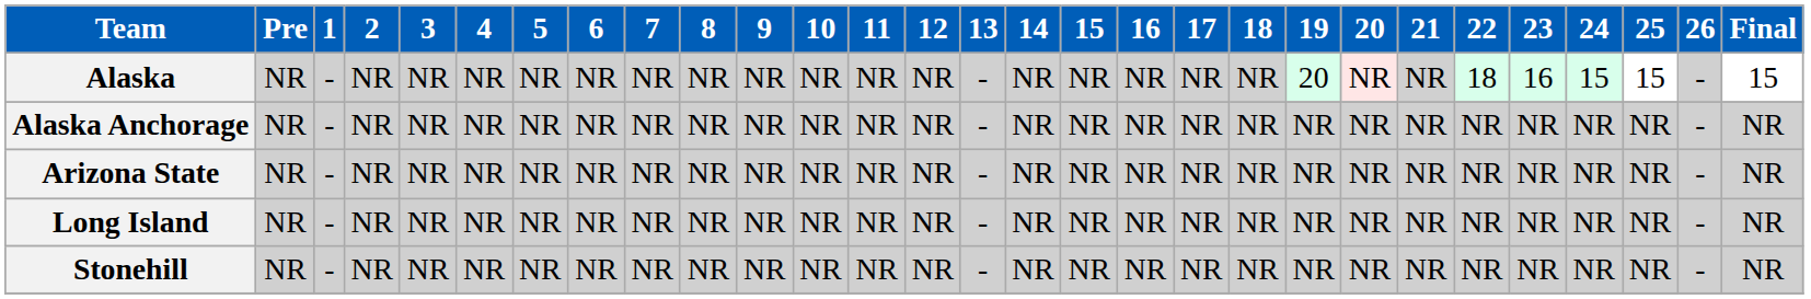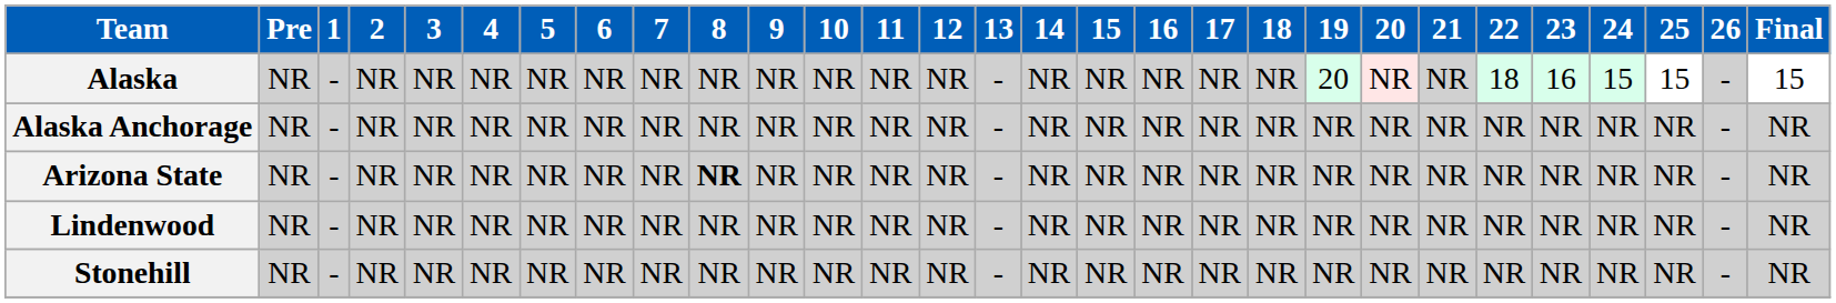 <table class="wikitable sortable" style="text-align: center;">
 <tr>
 <th style="color:white; background:#005EB8">Team</th>
 <th style="color:white; background:#005EB8">Pre</th>
 <th style="color:white; background:#005EB8">1</th>
 <th style="color:white; background:#005EB8">2</th>
 <th style="color:white; background:#005EB8">3</th>
 <th style="color:white; background:#005EB8">4</th>
 <th style="color:white; background:#005EB8">5</th>
 <th style="color:white; background:#005EB8">6</th>
 <th style="color:white; background:#005EB8">7</th>
 <th style="color:white; background:#005EB8">8</th>
 <th style="color:white; background:#005EB8">9</th>
 <th style="color:white; background:#005EB8">10</th>
 <th style="color:white; background:#005EB8">11</th>
 <th style="color:white; background:#005EB8">12</th>
 <th style="color:white; background:#005EB8">13</th>
 <th style="color:white; background:#005EB8">14</th>
 <th style="color:white; background:#005EB8">15</th>
 <th style="color:white; background:#005EB8">16</th>
 <th style="color:white; background:#005EB8">17</th>
 <th style="color:white; background:#005EB8">18</th>
 <th style="color:white; background:#005EB8">19</th>
 <th style="color:white; background:#005EB8">20</th>
 <th style="color:white; background:#005EB8">21</th>
 <th style="color:white; background:#005EB8">22</th>
 <th style="color:white; background:#005EB8">23</th>
 <th style="color:white; background:#005EB8">24</th>
 <th style="color:white; background:#005EB8">25</th>
 <th style="color:white; background:#005EB8">26</th>
 <th style="color:white; background:#005EB8">Final</th>
 </tr>
 <tr bgcolor=d0d0d0>
 <th>Alaska</th>
 <td>NR</td>
 <td>-</td>
 <td>NR</td>
 <td>NR</td>
 <td>NR</td>
 <td>NR</td>
 <td>NR</td>
 <td>NR</td>
 <td>NR</td>
 <td>NR</td>
 <td>NR</td>
 <td>NR</td>
 <td>NR</td>
 <td>-</td>
 <td>NR</td>
 <td>NR</td>
 <td>NR</td>
 <td>NR</td>
 <td>NR</td>
 <td bgcolor=D8FFEB>20</td>
 <td bgcolor=FFE6E6>NR</td>
 <td>NR</td>
 <td bgcolor=D8FFEB>18</td>
 <td bgcolor=D8FFEB>16</td>
 <td bgcolor=D8FFEB>15</td>
 <td bgcolor=FFFFFF>15</td>
 <td>-</td>
 <td bgcolor=FFFFFF>15</td>
 </tr>
 <tr bgcolor=d0d0d0>
 <th>Alaska Anchorage</th>
 <td>NR</td>
 <td>-</td>
 <td>NR</td>
 <td>NR</td>
 <td>NR</td>
 <td>NR</td>
 <td>NR</td>
 <td>NR</td>
 <td>NR</td>
 <td>NR</td>
 <td>NR</td>
 <td>NR</td>
 <td>NR</td>
 <td>-</td>
 <td>NR</td>
 <td>NR</td>
 <td>NR</td>
 <td>NR</td>
 <td>NR</td>
 <td>NR</td>
 <td>NR</td>
 <td>NR</td>
 <td>NR</td>
 <td>NR</td>
 <td>NR</td>
 <td>NR</td>
 <td>-</td>
 <td>NR</td>
 </tr>
 <tr bgcolor=d0d0d0>
 <th>Arizona State</th>
 <td>NR</td>
 <td>-</td>
 <td>NR</td>
 <td>NR</td>
 <td>NR</td>
 <td>NR</td>
 <td>NR</td>
 <td>NR</td>
-<td>NR</td>
+<td><strong>NR</strong></td>
 <td>NR</td>
 <td>NR</td>
 <td>NR</td>
 <td>NR</td>
 <td>-</td>
 <td>NR</td>
 <td>NR</td>
 <td>NR</td>
 <td>NR</td>
 <td>NR</td>
 <td>NR</td>
 <td>NR</td>
 <td>NR</td>
 <td>NR</td>
 <td>NR</td>
 <td>NR</td>
 <td>NR</td>
 <td>-</td>
 <td>NR</td>
 </tr>
 <tr bgcolor=d0d0d0>
-<th>Long Island</th>
+<th>Lindenwood</th>
 <td>NR</td>
 <td>-</td>
 <td>NR</td>
 <td>NR</td>
 <td>NR</td>
 <td>NR</td>
 <td>NR</td>
 <td>NR</td>
 <td>NR</td>
 <td>NR</td>
 <td>NR</td>
 <td>NR</td>
 <td>NR</td>
 <td>-</td>
 <td>NR</td>
 <td>NR</td>
 <td>NR</td>
 <td>NR</td>
 <td>NR</td>
 <td>NR</td>
 <td>NR</td>
 <td>NR</td>
 <td>NR</td>
 <td>NR</td>
 <td>NR</td>
 <td>NR</td>
 <td>-</td>
 <td>NR</td>
 </tr>
 <tr bgcolor=d0d0d0>
 <th>Stonehill</th>
 <td>NR</td>
 <td>-</td>
 <td>NR</td>
 <td>NR</td>
 <td>NR</td>
 <td>NR</td>
 <td>NR</td>
 <td>NR</td>
 <td>NR</td>
 <td>NR</td>
 <td>NR</td>
 <td>NR</td>
 <td>NR</td>
 <td>-</td>
 <td>NR</td>
 <td>NR</td>
 <td>NR</td>
 <td>NR</td>
 <td>NR</td>
 <td>NR</td>
 <td>NR</td>
 <td>NR</td>
 <td>NR</td>
 <td>NR</td>
 <td>NR</td>
 <td>NR</td>
 <td>-</td>
 <td>NR</td>
 </tr>
 <tr>
 </tr>
 </table>
